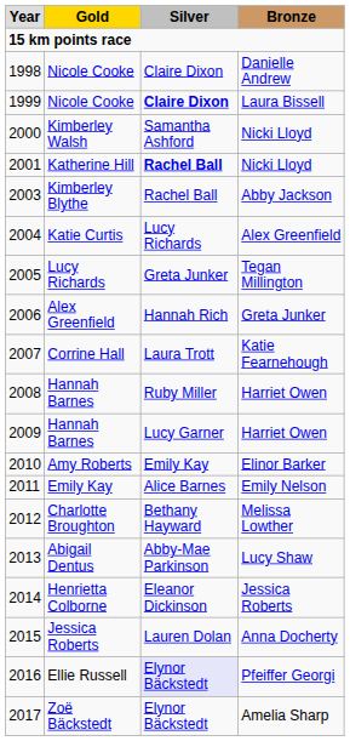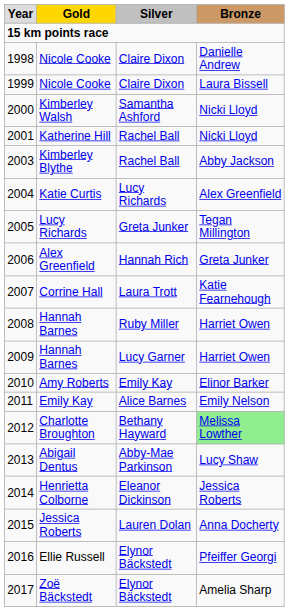 <table class="wikitable" style="width: 60%; text-align:left;">
 <tr style="text-align:center; font-weight:bold;">
 <td style="background:#ddd; ">Year</td>
 <td style="background:gold; ">Gold</td>
 <td style="background:silver; ">Silver</td>
 <td style="background:#c96; ">Bronze</td>
 </tr>
 <tr>
 <td colspan=4><strong>15 km points race</strong></td>
 </tr>
 <tr>
 <td>1998</td>
 <td><a href='#'>Nicole Cooke</a></td>
 <td><a href='#'>Claire Dixon</a></td>
 <td><a href='#'>Danielle Andrew</a></td>
 </tr>
 <tr>
 <td>1999</td>
 <td><a href='#'>Nicole Cooke</a></td>
-<td><strong><a href='#'>Claire Dixon</a></strong></td>
+<td><a href='#'>Claire Dixon</a></td>
 <td><a href='#'>Laura Bissell</a></td>
 </tr>
 <tr>
 <td>2000</td>
 <td><a href='#'>Kimberley Walsh</a></td>
 <td><a href='#'>Samantha Ashford</a></td>
 <td><a href='#'>Nicki Lloyd</a></td>
 </tr>
 <tr>
 <td>2001</td>
 <td><a href='#'>Katherine Hill</a></td>
-<td><strong><a href='#'>Rachel Ball</a></strong></td>
+<td><a href='#'>Rachel Ball</a></td>
 <td><a href='#'>Nicki Lloyd</a></td>
 </tr>
 <tr>
 <td>2003</td>
 <td><a href='#'>Kimberley Blythe</a></td>
 <td><a href='#'>Rachel Ball</a></td>
 <td><a href='#'>Abby Jackson</a></td>
 </tr>
 <tr>
 <td>2004</td>
 <td><a href='#'>Katie Curtis</a></td>
 <td><a href='#'>Lucy Richards</a></td>
 <td><a href='#'>Alex Greenfield</a></td>
 </tr>
 <tr>
 <td>2005</td>
 <td><a href='#'>Lucy Richards</a></td>
 <td><a href='#'>Greta Junker</a></td>
 <td><a href='#'>Tegan Millington</a></td>
 </tr>
 <tr>
 <td>2006</td>
 <td><a href='#'>Alex Greenfield</a></td>
 <td><a href='#'>Hannah Rich</a></td>
 <td><a href='#'>Greta Junker</a></td>
 </tr>
 <tr>
 <td>2007</td>
 <td><a href='#'>Corrine Hall</a></td>
 <td><a href='#'>Laura Trott</a></td>
 <td><a href='#'>Katie Fearnehough</a></td>
 </tr>
 <tr>
 <td>2008</td>
 <td><a href='#'>Hannah Barnes</a></td>
 <td><a href='#'>Ruby Miller</a></td>
 <td><a href='#'>Harriet Owen</a></td>
 </tr>
 <tr>
 <td>2009</td>
 <td><a href='#'>Hannah Barnes</a></td>
 <td><a href='#'>Lucy Garner</a></td>
 <td><a href='#'>Harriet Owen</a></td>
 </tr>
 <tr>
 <td>2010</td>
 <td><a href='#'>Amy Roberts</a></td>
 <td><a href='#'>Emily Kay</a></td>
 <td><a href='#'>Elinor Barker</a></td>
 </tr>
 <tr>
 <td>2011</td>
 <td><a href='#'>Emily Kay</a></td>
 <td><a href='#'>Alice Barnes</a></td>
 <td><a href='#'>Emily Nelson</a></td>
 </tr>
 <tr>
 <td>2012</td>
 <td><a href='#'>Charlotte Broughton</a></td>
 <td><a href='#'>Bethany Hayward</a></td>
-<td><a href='#'>Melissa Lowther</a></td>
+<td style="background: lightgreen;"><a href='#'>Melissa Lowther</a></td>
 </tr>
 <tr>
 <td>2013</td>
 <td><a href='#'>Abigail Dentus</a></td>
 <td><a href='#'>Abby-Mae Parkinson</a></td>
 <td><a href='#'>Lucy Shaw</a></td>
 </tr>
 <tr>
 <td>2014</td>
 <td><a href='#'>Henrietta Colborne</a></td>
 <td><a href='#'>Eleanor Dickinson</a></td>
 <td><a href='#'>Jessica Roberts</a></td>
 </tr>
 <tr>
 <td>2015</td>
 <td><a href='#'>Jessica Roberts</a></td>
 <td><a href='#'>Lauren Dolan</a></td>
 <td><a href='#'>Anna Docherty</a></td>
 </tr>
 <tr>
 <td>2016</td>
 <td>Ellie Russell</td>
-<td style="background: lavender;"><a href='#'>Elynor Bäckstedt</a></td>
+<td><a href='#'>Elynor Bäckstedt</a></td>
 <td><a href='#'>Pfeiffer Georgi</a></td>
 </tr>
 <tr>
 <td>2017</td>
 <td><a href='#'>Zoë Bäckstedt</a></td>
 <td><a href='#'>Elynor Bäckstedt</a></td>
 <td>Amelia Sharp</td>
 </tr>
 </table>
